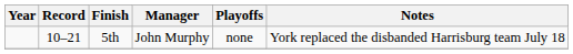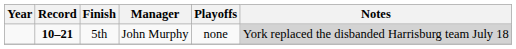 <table class="wikitable" style="text-align:center">
 <tr>
 <th>Year</th>
 <th>Record</th>
 <th>Finish</th>
 <th>Manager</th>
 <th>Playoffs</th>
 <th>Notes</th>
 </tr>
 <tr>
 <td></td>
-<td>10–21</td>
+<td><strong>10–21</strong></td>
 <td>5th</td>
 <td>John Murphy</td>
 <td>none</td>
-<td>York replaced the disbanded Harrisburg team July 18</td>
+<td style="background: lightgrey;">York replaced the disbanded Harrisburg team July 18</td>
 </tr>
 <tr>
 </tr>
 </table>
